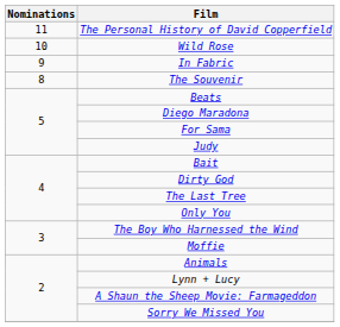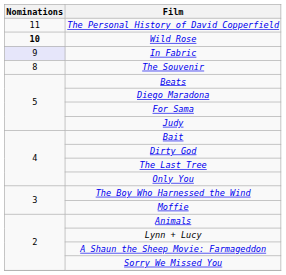 <table class="wikitable plainrowheaders" style="text-align:center;">
 <tr>
 <th scope="col" style="width:55px;">Nominations</th>
 <th scope="col" style="text-align:center;">Film</th>
 </tr>
 <tr>
 <td scope=row style="text-align:center">11</td>
 <td><em><a href='#'>The Personal History of David Copperfield</a></em></td>
 </tr>
 <tr>
-<td scope=row style="text-align:center">10</td>
+<td scope=row style="text-align:center"><strong>10</strong></td>
 <td><em><a href='#'>Wild Rose</a></em></td>
 </tr>
 <tr>
-<td scope=row style="text-align:center">9</td>
+<td scope=row style="background: lavender; text-align:center">9</td>
 <td><em><a href='#'>In Fabric</a></em></td>
 </tr>
 <tr>
 <td scope=row style="text-align:center">8</td>
 <td><em><a href='#'>The Souvenir</a></em></td>
 </tr>
 <tr>
 <td scope=row rowspan=4 style="text-align:center;">5</td>
 <td><em><a href='#'>Beats</a></em></td>
 </tr>
 <tr>
 <td><em><a href='#'>Diego Maradona</a></em></td>
 </tr>
 <tr>
 <td><em><a href='#'>For Sama</a></em></td>
 </tr>
 <tr>
 <td><em><a href='#'>Judy</a></em></td>
 </tr>
 <tr>
 <td scope=row rowspan=4 style="text-align:center;">4</td>
 <td><em><a href='#'>Bait</a></em></td>
 </tr>
 <tr>
 <td><em><a href='#'>Dirty God</a></em></td>
 </tr>
 <tr>
 <td><em><a href='#'>The Last Tree</a></em></td>
 </tr>
 <tr>
 <td><em><a href='#'>Only You</a></em></td>
 </tr>
 <tr>
 <td scope=row rowspan=2 style="text-align:center;">3</td>
 <td><em><a href='#'>The Boy Who Harnessed the Wind </a></em></td>
 </tr>
 <tr>
 <td><em><a href='#'>Moffie</a></em></td>
 </tr>
 <tr>
 <td scope=row rowspan=4 style="text-align:center">2</td>
 <td><em><a href='#'>Animals</a></em></td>
 </tr>
 <tr>
 <td><em>Lynn + Lucy</em></td>
 </tr>
 <tr>
 <td><em><a href='#'>A Shaun the Sheep Movie: Farmageddon</a></em></td>
 </tr>
 <tr>
 <td><em><a href='#'>Sorry We Missed You</a></em></td>
 </tr>
 <tr>
 </tr>
 </table>
